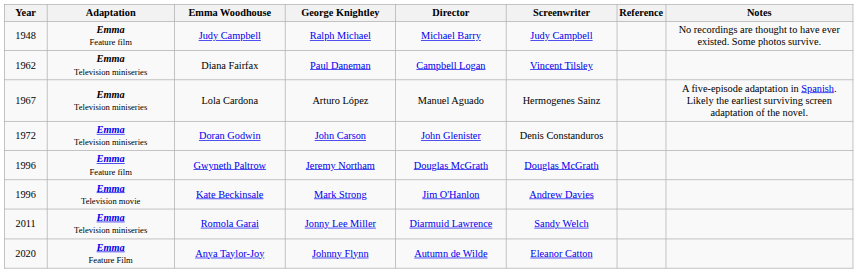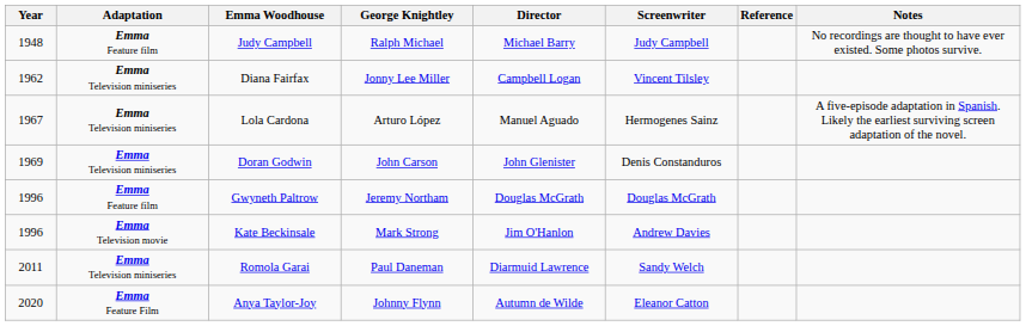 <table class="wikitable" style="font-size:95%">
 <tr style="text-align:center;">
 <th>Year</th>
 <th>Adaptation</th>
 <th>Emma Woodhouse</th>
 <th>George Knightley</th>
 <th>Director</th>
 <th>Screenwriter</th>
 <th>Reference</th>
 <th>Notes</th>
 </tr>
 <tr style="text-align:center;">
 <td style="width:5%;">1948</td>
 <td style="width:15%;"><strong><em>Emma</em></strong><br><small>Feature film</small></td>
 <td style="width:13%;"><a href='#'>Judy Campbell</a></td>
 <td style="width:13%;"><a href='#'>Ralph Michael</a></td>
 <td style="width:13%;"><a href='#'>Michael Barry</a></td>
 <td style="width:13%;"><a href='#'>Judy Campbell</a></td>
 <td style="width:5%;"></td>
 <td style="width:22%;">No recordings are thought to have ever existed. Some photos survive.</td>
 </tr>
 <tr style="text-align:center;">
 <td>1962</td>
 <td><strong><em>Emma</em></strong><br><small>Television miniseries</small></td>
 <td>Diana Fairfax</td>
-<td><a href='#'>Paul Daneman</a></td>
+<td><a href='#'>Jonny Lee Miller</a></td>
 <td><a href='#'>Campbell Logan</a></td>
 <td><a href='#'>Vincent Tilsley</a></td>
 <td></td>
 <td></td>
 </tr>
 <tr style="text-align:center;">
 <td>1967</td>
 <td><strong><em>Emma</em></strong><br><small>Television miniseries</small></td>
 <td>Lola Cardona</td>
 <td>Arturo López</td>
 <td>Manuel Aguado</td>
 <td>Hermogenes Sainz</td>
 <td></td>
 <td>A five-episode adaptation in <a href='#'>Spanish</a>. Likely the earliest surviving screen adaptation of the novel.</td>
 </tr>
 <tr style="text-align:center;">
-<td>1972</td>
+<td>1969</td>
 <td><strong><em><a href='#'>Emma</a></em></strong><br><small>Television miniseries</small></td>
 <td><a href='#'>Doran Godwin</a></td>
 <td><a href='#'>John Carson</a></td>
 <td><a href='#'>John Glenister</a></td>
 <td>Denis Constanduros</td>
 <td></td>
 <td></td>
 </tr>
 <tr style="text-align:center;">
 <td>1996</td>
 <td><strong><em><a href='#'>Emma</a></em></strong><br><small>Feature film</small></td>
 <td><a href='#'>Gwyneth Paltrow</a></td>
 <td><a href='#'>Jeremy Northam</a></td>
 <td><a href='#'>Douglas McGrath</a></td>
 <td><a href='#'>Douglas McGrath</a></td>
 <td></td>
 <td></td>
 </tr>
 <tr style="text-align:center;">
 <td>1996</td>
 <td><strong><em><a href='#'>Emma</a></em></strong><br><small>Television movie</small></td>
 <td><a href='#'>Kate Beckinsale</a></td>
 <td><a href='#'>Mark Strong</a></td>
 <td><a href='#'>Jim O'Hanlon</a></td>
 <td><a href='#'>Andrew Davies</a></td>
 <td></td>
 <td></td>
 </tr>
 <tr style="text-align:center;">
 <td>2011</td>
 <td><strong><em><a href='#'>Emma</a></em></strong><br><small>Television miniseries</small></td>
 <td><a href='#'>Romola Garai</a></td>
-<td><a href='#'>Jonny Lee Miller</a></td>
+<td><a href='#'>Paul Daneman</a></td>
 <td><a href='#'>Diarmuid Lawrence</a></td>
 <td><a href='#'>Sandy Welch</a></td>
 <td></td>
 <td></td>
 </tr>
 <tr style="text-align:center">
 <td>2020</td>
 <td><strong><em><a href='#'>Emma</a></em></strong><br><small>Feature Film</small></td>
 <td><a href='#'>Anya Taylor-Joy</a></td>
 <td><a href='#'>Johnny Flynn</a></td>
 <td><a href='#'>Autumn de Wilde</a></td>
 <td><a href='#'>Eleanor Catton</a></td>
 <td></td>
 <td></td>
 </tr>
 </table>
